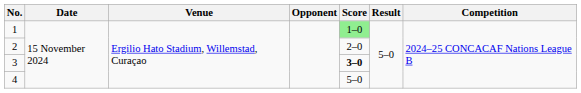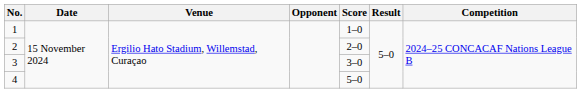 <table class="wikitable sortable">
 <tr>
 <th scope="col">No.</th>
 <th scope="col">Date</th>
 <th scope="col">Venue</th>
 <th scope="col">Opponent</th>
 <th scope="col">Score</th>
 <th scope="col">Result</th>
 <th scope="col">Competition</th>
 </tr>
 <tr>
 <td align="center">1</td>
 <td rowspan="4">15 November 2024</td>
 <td rowspan="4"><a href='#'>Ergilio Hato Stadium</a>, <a href='#'>Willemstad</a>, Curaçao</td>
 <td rowspan="4"></td>
-<td align="center" style="background: lightgreen;">1–0</td>
+<td align="center">1–0</td>
 <td rowspan="4" style="text-align:center">5–0</td>
 <td rowspan="4"><a href='#'>2024–25 CONCACAF Nations League B</a></td>
 </tr>
 <tr>
 <td align="center">2</td>
 <td align="center">2–0</td>
 </tr>
 <tr>
 <td align="center">3</td>
-<td align="center"><strong>3–0</strong></td>
+<td align="center">3–0</td>
 </tr>
 <tr>
 <td align="center">4</td>
 <td align="center">5–0</td>
 </tr>
 </table>
